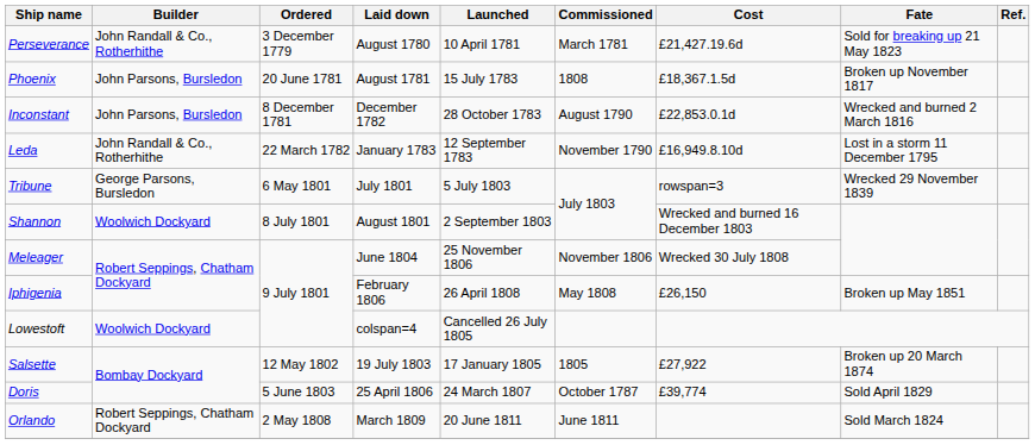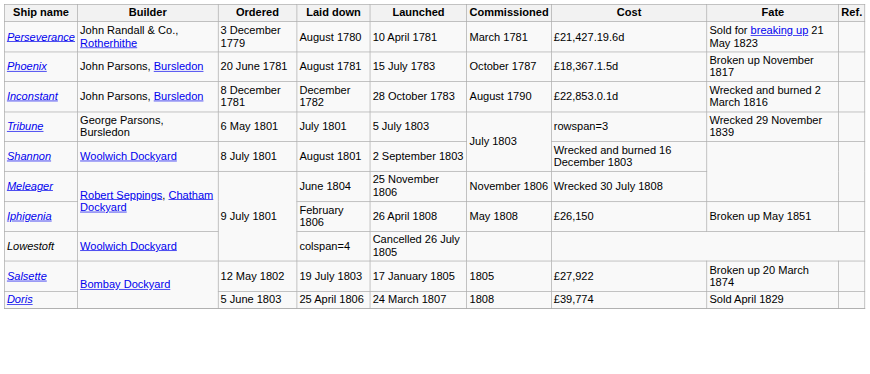 <table class="wikitable">
 <tr>
 <th>Ship name</th>
 <th>Builder</th>
 <th>Ordered</th>
 <th>Laid down</th>
 <th>Launched</th>
 <th scope="col" style="width:106px;">Commissioned</th>
 <th>Cost</th>
 <th>Fate</th>
 <th>Ref.</th>
 </tr>
 <tr>
 <td><a href='#'><em>Perseverance</em></a></td>
 <td>John Randall & Co., <a href='#'>Rotherhithe</a></td>
 <td>3 December 1779</td>
 <td>August 1780</td>
 <td>10 April 1781</td>
 <td>March 1781</td>
 <td>£21,427.19.6d</td>
 <td>Sold for <a href='#'>breaking up</a> 21 May 1823</td>
 <td></td>
 </tr>
 <tr>
 <td><a href='#'><em>Phoenix</em></a></td>
 <td>John Parsons, <a href='#'>Bursledon</a></td>
 <td>20 June 1781</td>
 <td>August 1781</td>
 <td>15 July 1783</td>
-<td>1808</td>
+<td>October 1787</td>
 <td>£18,367.1.5d</td>
 <td>Broken up November 1817</td>
 <td></td>
 </tr>
 <tr>
 <td><a href='#'><em>Inconstant</em></a></td>
 <td>John Parsons, <a href='#'>Bursledon</a></td>
 <td>8 December 1781</td>
 <td>December 1782</td>
 <td>28 October 1783</td>
 <td>August 1790</td>
 <td>£22,853.0.1d</td>
 <td>Wrecked and burned 2 March 1816</td>
-<td></td>
-</tr>
-<tr>
-<td><a href='#'><em>Leda</em></a></td>
-<td>John Randall & Co., Rotherhithe</td>
-<td>22 March 1782</td>
-<td>January 1783</td>
-<td>12 September 1783</td>
-<td>November 1790</td>
-<td>£16,949.8.10d</td>
-<td>Lost in a storm 11 December 1795</td>
 <td></td>
 </tr>
 <tr>
 <td><a href='#'><em>Tribune</em></a></td>
 <td>George Parsons, Bursledon</td>
 <td>6 May 1801</td>
 <td>July 1801</td>
 <td>5 July 1803</td>
 <td rowspan=2>July 1803</td>
 <td>rowspan=3 </td>
 <td>Wrecked 29 November 1839</td>
 <td></td>
 </tr>
 <tr>
 <td><a href='#'><em>Shannon</em></a></td>
 <td><a href='#'>Woolwich Dockyard</a></td>
 <td>8 July 1801</td>
 <td>August 1801</td>
 <td>2 September 1803</td>
 <td>Wrecked and burned 16 December 1803</td>
 <td rowspan=2></td>
 </tr>
 <tr>
 <td><a href='#'><em>Meleager</em></a></td>
 <td rowspan=2><a href='#'>Robert Seppings</a>, <a href='#'>Chatham Dockyard</a></td>
 <td rowspan=3>9 July 1801</td>
 <td>June 1804</td>
 <td>25 November 1806</td>
 <td>November 1806</td>
 <td>Wrecked 30 July 1808</td>
 </tr>
 <tr>
 <td><a href='#'><em>Iphigenia</em></a></td>
 <td>February 1806</td>
 <td>26 April 1808</td>
 <td>May 1808</td>
 <td>£26,150</td>
 <td>Broken up May 1851</td>
 <td></td>
 </tr>
 <tr>
 <td><em>Lowestoft</em></td>
 <td><a href='#'>Woolwich Dockyard</a></td>
 <td>colspan=4 </td>
 <td>Cancelled 26 July 1805</td>
 <td></td>
 </tr>
 <tr>
 <td><a href='#'><em>Salsette</em></a></td>
 <td rowspan=2><a href='#'>Bombay Dockyard</a></td>
 <td>12 May 1802</td>
 <td>19 July 1803</td>
 <td>17 January 1805</td>
 <td>1805</td>
 <td>£27,922</td>
 <td>Broken up 20 March 1874</td>
 <td></td>
 </tr>
 <tr>
 <td><a href='#'><em>Doris</em></a></td>
 <td>5 June 1803</td>
 <td>25 April 1806</td>
 <td>24 March 1807</td>
-<td>October 1787</td>
+<td>1808</td>
 <td>£39,774</td>
 <td>Sold April 1829</td>
 <td></td>
 </tr>
 <tr>
-<td><a href='#'><em>Orlando</em></a></td>
-<td>Robert Seppings, Chatham Dockyard</td>
-<td>2 May 1808</td>
-<td>March 1809</td>
-<td>20 June 1811</td>
-<td>June 1811</td>
-<td></td>
-<td>Sold March 1824</td>
-<td></td>
-</tr>
-<tr>
 </tr>
 </table>
